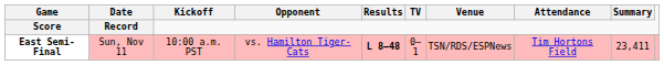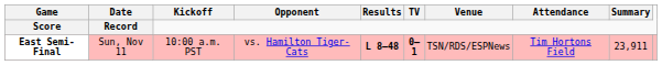 <table class="wikitable" style="font-size: 95%;">
 <tr>
 <th scope="col">Game</th>
 <th scope="col">Date</th>
 <th scope="col">Kickoff</th>
 <th scope="col">Opponent</th>
 <th scope="col">Results</th>
 <th scope="col">TV</th>
 <th scope="col">Venue</th>
 <th scope="col">Attendance</th>
 <th scope="col">Summary</th>
 </tr>
 <tr>
 <th scope="col">Score</th>
 <th scope="col">Record</th>
 </tr>
 <tr align="center" bgcolor="ffbbbb">
 <th style="text-align:center; background:white;"><span><strong>East Semi-Final</strong></span></th>
 <td align="center">Sun, Nov 11</td>
 <td align="center">10:00 a.m. PST</td>
 <td align="center">vs. <a href='#'>Hamilton Tiger-Cats</a></td>
 <td align="center"><strong>L 8–48</strong></td>
-<td align="center">0–1</td>
+<td align="center"><strong>0–1</strong></td>
 <td align="center">TSN/RDS/ESPNews</td>
 <td align="center"><a href='#'>Tim Hortons Field</a></td>
-<td align="center">23,411</td>
+<td align="center">23,911</td>
 <td align="center"></td>
 </tr>
 </table>
